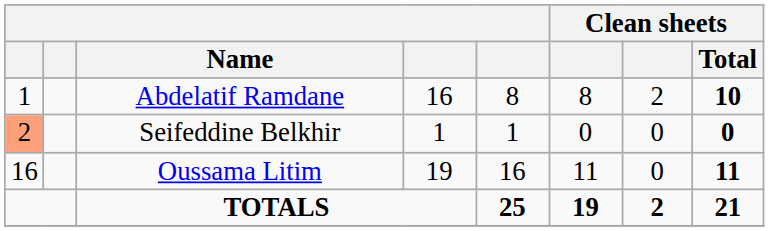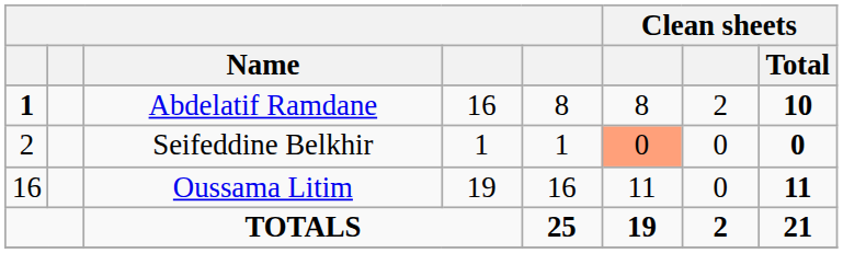 <table class="wikitable sortable alternance"  style="font-size:96%; text-align:center; line-height:14px; width:70%;">
 <tr>
 <th colspan="5"></th>
 <th colspan="4">Clean sheets</th>
 </tr>
 <tr>
 <th width=15></th>
 <th width=15></th>
 <th width=210>Name</th>
 <th width=40></th>
 <th width=40></th>
 <th width=40></th>
 <th width=40></th>
 <th>Total</th>
 </tr>
 <tr>
-<td>1</td>
+<td><strong>1</strong></td>
 <td></td>
 <td><a href='#'>Abdelatif Ramdane</a></td>
 <td>16</td>
 <td>8</td>
 <td>8</td>
 <td>2</td>
 <td><strong>10</strong></td>
 </tr>
 <tr>
-<td style="background: lightsalmon;">2</td>
+<td>2</td>
 <td></td>
 <td>Seifeddine Belkhir</td>
 <td>1</td>
 <td>1</td>
-<td>0</td>
+<td style="background: lightsalmon;">0</td>
 <td>0</td>
 <td><strong>0</strong></td>
 </tr>
 <tr>
 <td>16</td>
 <td></td>
 <td><a href='#'>Oussama Litim</a></td>
 <td>19</td>
 <td>16</td>
 <td>11</td>
 <td>0</td>
 <td><strong>11</strong></td>
 </tr>
 <tr>
 <td colspan="2"></td>
 <td colspan="2"><strong>TOTALS</strong></td>
 <td><strong>25</strong></td>
 <td><strong>19</strong></td>
 <td><strong>2</strong></td>
 <td><strong>21</strong></td>
 </tr>
 <tr>
 </tr>
 </table>
